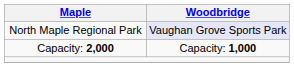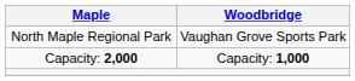 <table class="wikitable" style="text-align:center">
 <tr>
 <th width=50%><a href='#'>Maple</a></th>
 <th width=50%><a href='#'>Woodbridge</a></th>
 </tr>
 <tr>
 <td>North Maple Regional Park</td>
-<td style="background: lavender;">Vaughan Grove Sports Park</td>
+<td>Vaughan Grove Sports Park</td>
 </tr>
 <tr>
 <td>Capacity: <strong>2,000</strong></td>
 <td>Capacity: <strong>1,000</strong></td>
 </tr>
 <tr>
 <td colspan=2></td>
 </tr>
 <tr>
 </tr>
 </table>
